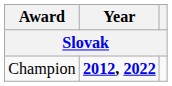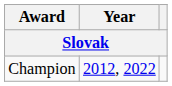 <table class="wikitable">
 <tr>
 <th>Award</th>
 <th>Year</th>
 <th></th>
 </tr>
 <tr>
 <th colspan="3"><a href='#'>Slovak</a></th>
 </tr>
 <tr>
 <td>Champion</td>
-<td><strong><a href='#'>2012</a>, <a href='#'>2022</a></strong></td>
+<td><a href='#'>2012</a>, <a href='#'>2022</a></td>
 <td></td>
 </tr>
 </table>
